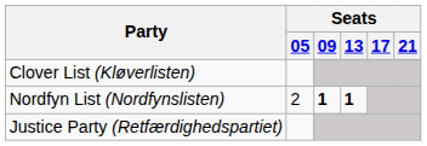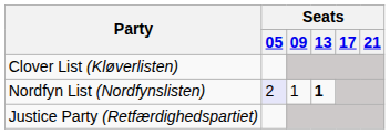 <table class="wikitable">
 <tr>
 <th rowspan=2>Party</th>
 <th colspan=11>Seats</th>
 </tr>
 <tr>
 <th><a href='#'>05</a></th>
 <th><a href='#'>09</a></th>
 <th><a href='#'>13</a></th>
 <th><a href='#'>17</a></th>
 <th><a href='#'>21</a></th>
 </tr>
 <tr>
 <td>Clover List <em>(Kløverlisten)</em></td>
 <td></td>
 <td style="background:#CDC9C9;" colspan=4></td>
 </tr>
 <tr>
 <td>Nordfyn List <em>(Nordfynslisten)</em></td>
-<td>2</td>
-<td><strong>1</strong></td>
+<td style="background: lavender;">2</td>
+<td>1</td>
 <td><strong>1</strong></td>
 <td style="background:#CDC9C9;" colspan=2></td>
 </tr>
 <tr>
 <td>Justice Party <em>(Retfærdighedspartiet)</em></td>
 <td></td>
 <td style="background:#CDC9C9;" colspan=4></td>
 </tr>
 </table>
